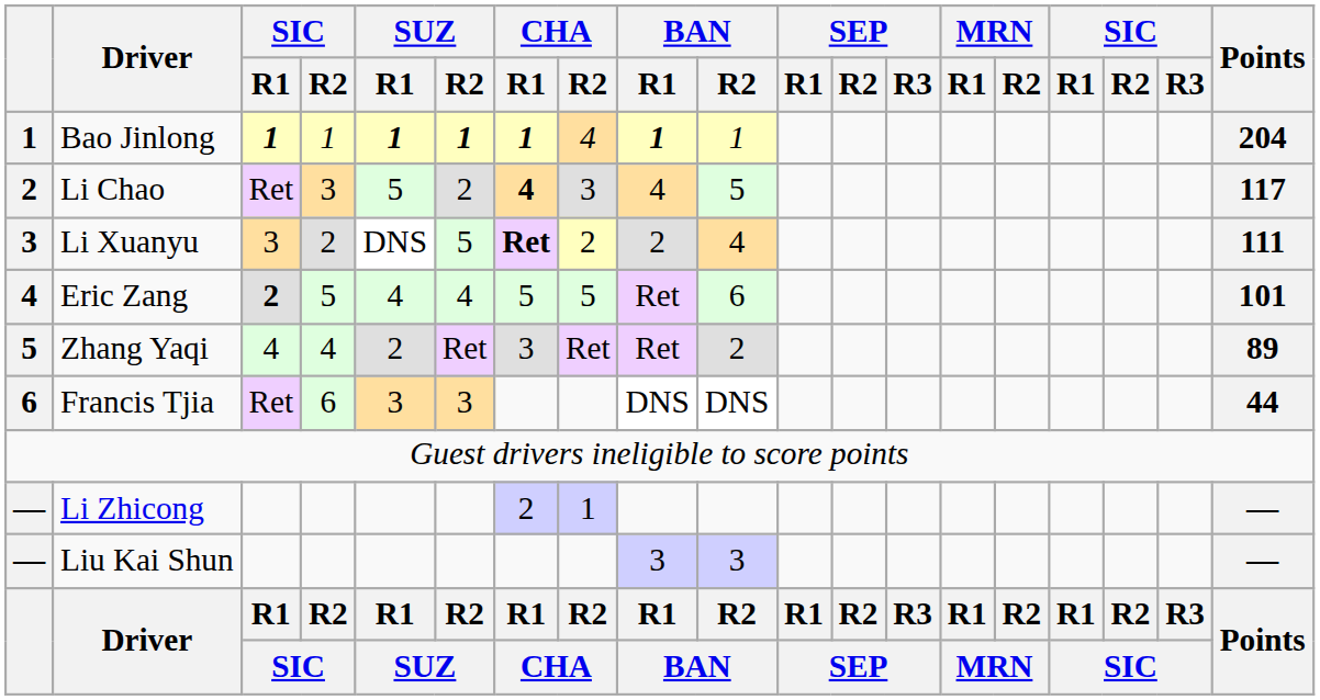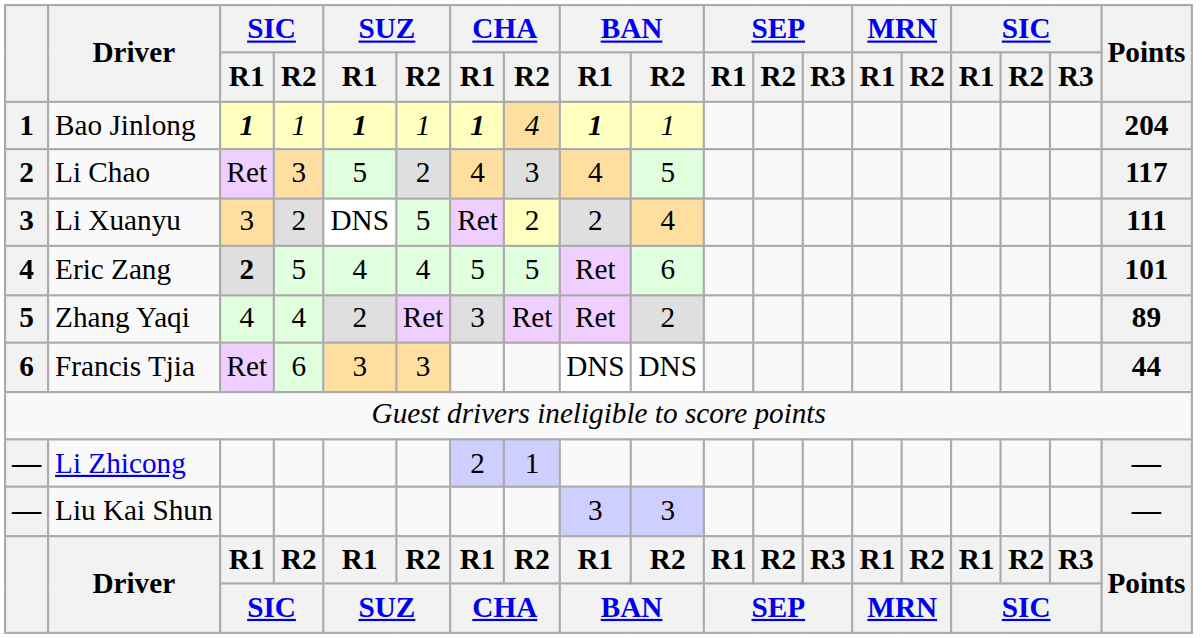 <table class="wikitable" style="font-size:85%; text-align:center">
 <tr>
 <th rowspan=2></th>
 <th rowspan=2>Driver</th>
 <th colspan=2><a href='#'>SIC</a><br></th>
 <th colspan=2><a href='#'>SUZ</a><br></th>
 <th colspan=2><a href='#'>CHA</a><br></th>
 <th colspan=2><a href='#'>BAN</a><br></th>
 <th colspan="3"><a href='#'>SEP</a><br></th>
 <th colspan=2><a href='#'>MRN</a><br></th>
 <th colspan="3"><a href='#'>SIC</a><br></th>
 <th rowspan=2>Points</th>
 </tr>
 <tr>
 <th>R1</th>
 <th>R2</th>
 <th>R1</th>
 <th>R2</th>
 <th>R1</th>
 <th>R2</th>
 <th>R1</th>
 <th>R2</th>
 <th>R1</th>
 <th>R2</th>
 <th>R3</th>
 <th>R1</th>
 <th>R2</th>
 <th>R1</th>
 <th>R2</th>
 <th>R3</th>
 </tr>
 <tr>
 <th>1</th>
 <td align="left"> Bao Jinlong</td>
 <td style="background:#FFFFBF";><strong><em>1</em></strong></td>
 <td style="background:#FFFFBF";><em>1</em></td>
 <td style="background:#FFFFBF";><strong><em>1</em></strong></td>
-<td style="background:#FFFFBF";><strong><em>1</em></strong></td>
+<td style="background:#FFFFBF";><em>1</em></td>
 <td style="background:#FFFFBF";><strong><em>1</em></strong></td>
 <td style="background:#FFDF9F";><em>4</em></td>
 <td style="background:#FFFFBF";><strong><em>1</em></strong></td>
 <td style="background:#FFFFBF";><em>1</em></td>
 <td style="background:#";></td>
 <td style="background:#";></td>
 <td style="background:#";></td>
 <td style="background:#";></td>
 <td style="background:#";></td>
 <td style="background:#";></td>
 <td style="background:#";></td>
 <td style="background:#";></td>
 <th>204</th>
 </tr>
 <tr>
 <th>2</th>
 <td align="left" nowrap=""> Li Chao</td>
 <td style="background:#EFCFFF" ;>Ret</td>
 <td style="background:#FFDF9F" ;>3</td>
 <td style="background:#DFFFDF" ;>5</td>
 <td style="background:#DFDFDF" ;>2</td>
-<td style="background:#FFDF9F" ;><strong>4</strong></td>
+<td style="background:#FFDF9F" ;>4</td>
 <td style="background:#DFDFDF" ;>3</td>
 <td style="background:#FFDF9F" ;>4</td>
 <td style="background:#DFFFDF" ;>5</td>
 <td style="background:#" ;></td>
 <td style="background:#" ;></td>
 <td style="background:#" ;></td>
 <td style="background:#" ;></td>
 <td style="background:#" ;></td>
 <td style="background:#" ;></td>
 <td style="background:#" ;></td>
 <td style="background:#" ;></td>
 <th>117</th>
 </tr>
 <tr>
 <th>3</th>
 <td align="left"> Li Xuanyu</td>
 <td style="background:#FFDF9F" ;>3</td>
 <td style="background:#DFDFDF" ;>2</td>
 <td style="background:#FFFFFF" ;>DNS</td>
 <td style="background:#DFFFDF" ;>5</td>
-<td style="background:#EFCFFF" ;><strong>Ret</strong></td>
+<td style="background:#EFCFFF" ;>Ret</td>
 <td style="background:#FFFFBF" ;>2</td>
 <td style="background:#DFDFDF" ;>2</td>
 <td style="background:#FFDF9F" ;>4</td>
 <td style="background:#" ;></td>
 <td style="background:#" ;></td>
 <td style="background:#" ;></td>
 <td style="background:#" ;></td>
 <td style="background:#" ;></td>
 <td style="background:#" ;></td>
 <td style="background:#" ;></td>
 <td style="background:#" ;></td>
 <th>111</th>
 </tr>
 <tr>
 <th>4</th>
 <td align="left"> Eric Zang</td>
 <td style="background:#DFDFDF" ;><strong>2</strong></td>
 <td style="background:#DFFFDF" ;>5</td>
 <td style="background:#DFFFDF" ;>4</td>
 <td style="background:#DFFFDF" ;>4</td>
 <td style="background:#DFFFDF" ;>5</td>
 <td style="background:#DFFFDF" ;>5</td>
 <td style="background:#EFCFFF" ;>Ret</td>
 <td style="background:#DFFFDF" ;>6</td>
 <td style="background:#" ;></td>
 <td style="background:#" ;></td>
 <td style="background:#" ;></td>
 <td style="background:#" ;></td>
 <td style="background:#" ;></td>
 <td style="background:#" ;></td>
 <td style="background:#" ;></td>
 <td style="background:#" ;></td>
 <th>101</th>
 </tr>
 <tr>
 <th>5</th>
 <td align="left"> Zhang Yaqi</td>
 <td style="background:#DFFFDF" ;>4</td>
 <td style="background:#DFFFDF" ;>4</td>
 <td style="background:#DFDFDF" ;>2</td>
 <td style="background:#EFCFFF" ;>Ret</td>
 <td style="background:#DFDFDF" ;>3</td>
 <td style="background:#EFCFFF" ;>Ret</td>
 <td style="background:#EFCFFF" ;>Ret</td>
 <td style="background:#DFDFDF" ;>2</td>
 <td style="background:#" ;></td>
 <td style="background:#" ;></td>
 <td style="background:#" ;></td>
 <td style="background:#" ;></td>
 <td style="background:#" ;></td>
 <td style="background:#" ;></td>
 <td style="background:#" ;></td>
 <td style="background:#" ;></td>
 <th>89</th>
 </tr>
 <tr>
 <th>6</th>
 <td align="left"> Francis Tjia</td>
 <td style="background:#EFCFFF";>Ret</td>
 <td style="background:#DFFFDF";>6</td>
 <td style="background:#FFDF9F";>3</td>
 <td style="background:#FFDF9F";>3</td>
 <td style="background:#";></td>
 <td style="background:#";></td>
 <td style="background:#ffffff";>DNS</td>
 <td style="background:#ffffff";>DNS</td>
 <td style="background:#";></td>
 <td style="background:#";></td>
 <td style="background:#";></td>
 <td style="background:#";></td>
 <td style="background:#";></td>
 <td style="background:#";></td>
 <td style="background:#";></td>
 <td style="background:#";></td>
 <th>44</th>
 </tr>
 <tr>
 <td colspan="19" align="centre"><em>Guest drivers ineligible to score points</em></td>
 </tr>
 <tr>
 <th>—</th>
 <td align="left"> <a href='#'>Li Zhicong</a></td>
 <td style="background:#";></td>
 <td style="background:#";></td>
 <td style="background:#";></td>
 <td style="background:#";></td>
 <td style="background:#CFCFFF";>2</td>
 <td style="background:#CFCFFF";>1</td>
 <td style="background:#";></td>
 <td style="background:#";></td>
 <td style="background:#";></td>
 <td style="background:#";></td>
 <td style="background:#";></td>
 <td style="background:#";></td>
 <td style="background:#";></td>
 <td style="background:#";></td>
 <td style="background:#";></td>
 <td style="background:#";></td>
 <th>—</th>
 </tr>
 <tr>
 <th>—</th>
 <td align="left"> Liu Kai Shun</td>
 <td style="background:#";></td>
 <td style="background:#";></td>
 <td style="background:#";></td>
 <td style="background:#";></td>
 <td style="background:#";></td>
 <td style="background:#";></td>
 <td style="background:#CFCFFF";>3</td>
 <td style="background:#CFCFFF";>3</td>
 <td style="background:#";></td>
 <td style="background:#";></td>
 <td style="background:#";></td>
 <td style="background:#";></td>
 <td style="background:#";></td>
 <td style="background:#";></td>
 <td style="background:#";></td>
 <td style="background:#";></td>
 <th>—</th>
 </tr>
 <tr>
 <th rowspan="2"></th>
 <th rowspan="2">Driver</th>
 <th>R1</th>
 <th>R2</th>
 <th>R1</th>
 <th>R2</th>
 <th>R1</th>
 <th>R2</th>
 <th>R1</th>
 <th>R2</th>
 <th>R1</th>
 <th>R2</th>
 <th>R3</th>
 <th>R1</th>
 <th>R2</th>
 <th>R1</th>
 <th>R2</th>
 <th>R3</th>
 <th rowspan="2">Points</th>
 </tr>
 <tr>
 <th colspan="2"><a href='#'>SIC</a><br></th>
 <th colspan="2"><a href='#'>SUZ</a><br></th>
 <th colspan="2"><a href='#'>CHA</a><br></th>
 <th colspan="2"><a href='#'>BAN</a><br></th>
 <th colspan="3"><a href='#'>SEP</a><br></th>
 <th colspan="2"><a href='#'>MRN</a><br></th>
 <th colspan="3"><a href='#'>SIC</a><br></th>
 </tr>
 </table>
